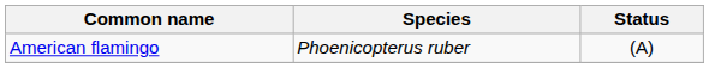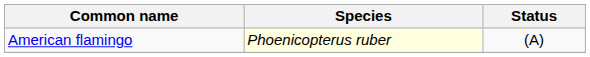 <table width=70% class="wikitable">
 <tr>
 <th width=20%>Common name</th>
 <th width=20%>Species</th>
 <th width=8%>Status</th>
 </tr>
 <tr>
 <td><a href='#'>American flamingo</a></td>
-<td><em>Phoenicopterus ruber</em></td>
+<td style="background: lightyellow;"><em>Phoenicopterus ruber</em></td>
 <td align=center>(A)</td>
 </tr>
 <tr>
 </tr>
 </table>
